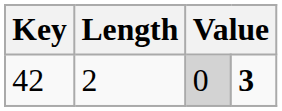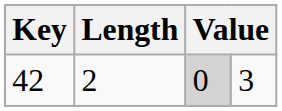 <table class="wikitable">
 <tr>
 <th>Key</th>
 <th>Length</th>
 <th colspan="2">Value</th>
 </tr>
 <tr>
 <td>42</td>
 <td>2</td>
 <td style="background: lightgrey;">0</td>
-<td><strong>3</strong></td>
+<td>3</td>
 </tr>
 </table>
